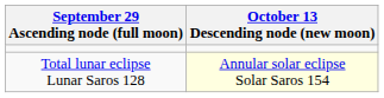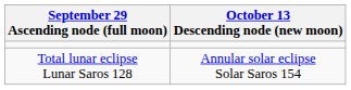 <table class="wikitable">
 <tr>
 <th><a href='#'>September 29</a><br>Ascending node (full moon)<br></th>
 <th><a href='#'>October 13</a><br>Descending node (new moon)<br></th>
 </tr>
 <tr>
 <td></td>
 <td></td>
 </tr>
 <tr align=center>
 <td><a href='#'>Total lunar eclipse</a><br>Lunar Saros 128</td>
-<td style="background: lightyellow;"><a href='#'>Annular solar eclipse</a><br>Solar Saros 154</td>
+<td><a href='#'>Annular solar eclipse</a><br>Solar Saros 154</td>
 </tr>
 </table>
